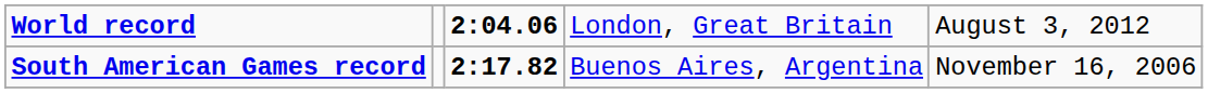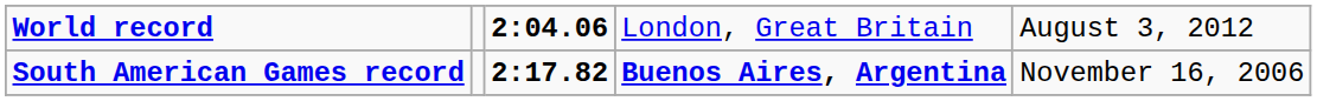 <table class="wikitable">
 <tr>
 <td><strong><a href='#'>World record</a></strong></td>
 <td></td>
 <td><strong>2:04.06</strong></td>
 <td><a href='#'>London</a>, <a href='#'>Great Britain</a></td>
 <td>August 3, 2012</td>
 </tr>
 <tr>
 <td><strong><a href='#'>South American Games record</a></strong></td>
 <td></td>
 <td><strong>2:17.82</strong></td>
-<td><a href='#'>Buenos Aires</a>, <a href='#'>Argentina</a></td>
+<td><strong><a href='#'>Buenos Aires</a>, <a href='#'>Argentina</a></strong></td>
 <td>November 16, 2006</td>
 </tr>
 </table>
